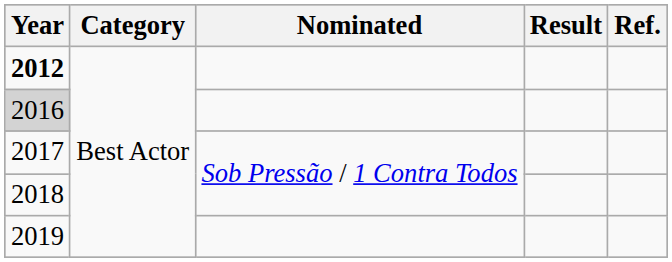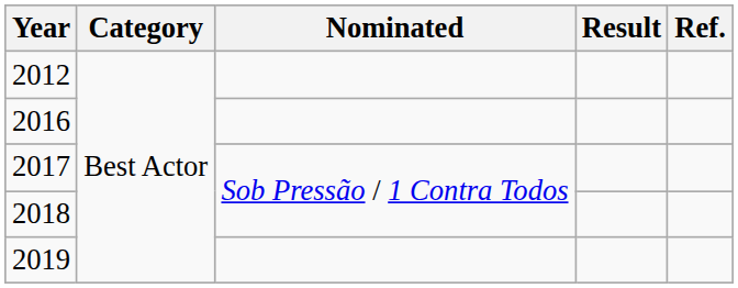 <table class="wikitable">
 <tr>
 <th>Year</th>
 <th>Category</th>
 <th>Nominated</th>
 <th>Result</th>
 <th>Ref.</th>
 </tr>
 <tr>
-<td><strong>2012</strong></td>
+<td>2012</td>
 <td rowspan=5>Best Actor</td>
 <td></td>
 <td></td>
 <td></td>
 </tr>
 <tr>
-<td style="background: lightgrey;">2016</td>
+<td>2016</td>
 <td></td>
 <td></td>
 <td></td>
 </tr>
 <tr>
 <td>2017</td>
 <td rowspan=2 style="text-align:center;"><em><a href='#'>Sob Pressão</a></em> / <em><a href='#'>1 Contra Todos</a></em></td>
 <td></td>
 <td></td>
 </tr>
 <tr>
 <td>2018</td>
 <td></td>
 <td></td>
 </tr>
 <tr>
 <td>2019</td>
 <td></td>
 <td></td>
 <td></td>
 </tr>
 </table>
